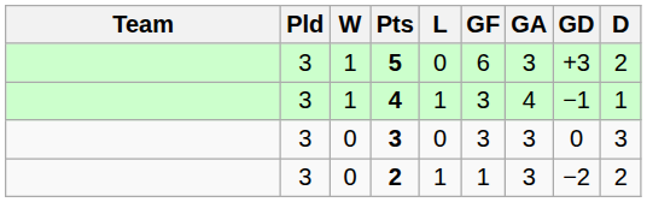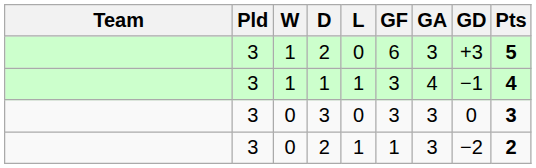 <table class="wikitable" style="text-align: center;">
 <tr>
 <th width="175">Team</th>
 <th width="20">Pld</th>
 <th width="20">W</th>
-<th width="20">Pts</th>
+<th width="20">D</th>
 <th width="20">L</th>
 <th width="20">GF</th>
 <th width="20">GA</th>
 <th width="20">GD</th>
-<th width="20">D</th>
+<th width="20">Pts</th>
 </tr>
 <tr bgcolor="ccffcc">
 <td align=left></td>
 <td>3</td>
 <td>1</td>
-<td><strong>5</strong></td>
+<td>2</td>
 <td>0</td>
 <td>6</td>
 <td>3</td>
 <td>+3</td>
-<td>2</td>
+<td><strong>5</strong></td>
 </tr>
 <tr bgcolor="ccffcc">
 <td align=left></td>
 <td>3</td>
 <td>1</td>
-<td><strong>4</strong></td>
+<td>1</td>
 <td>1</td>
 <td>3</td>
 <td>4</td>
 <td>−1</td>
-<td>1</td>
+<td><strong>4</strong></td>
 </tr>
 <tr bgcolor=>
 <td align=left></td>
 <td>3</td>
 <td>0</td>
-<td><strong>3</strong></td>
+<td>3</td>
 <td>0</td>
 <td>3</td>
 <td>3</td>
 <td>0</td>
-<td>3</td>
+<td><strong>3</strong></td>
 </tr>
 <tr bgcolor=>
 <td align=left></td>
 <td>3</td>
 <td>0</td>
-<td><strong>2</strong></td>
+<td>2</td>
 <td>1</td>
 <td>1</td>
 <td>3</td>
 <td>−2</td>
-<td>2</td>
+<td><strong>2</strong></td>
 </tr>
 </table>
